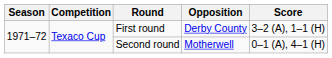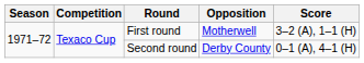 <table class="wikitable">
 <tr>
 <th>Season</th>
 <th>Competition</th>
 <th>Round</th>
 <th>Opposition</th>
 <th>Score</th>
 </tr>
 <tr>
 <td rowspan="2">1971–72</td>
 <td rowspan="2"><a href='#'>Texaco Cup</a></td>
 <td>First round</td>
-<td> <a href='#'>Derby County</a></td>
+<td> <a href='#'>Motherwell</a></td>
 <td>3–2 (A), 1–1 (H)</td>
 </tr>
 <tr>
 <td>Second round</td>
-<td> <a href='#'>Motherwell</a></td>
+<td> <a href='#'>Derby County</a></td>
 <td>0–1 (A), 4–1 (H)</td>
 </tr>
 </table>
